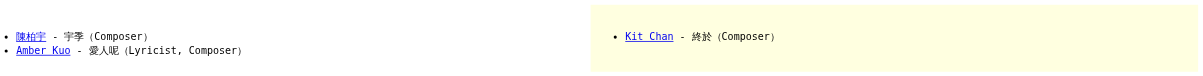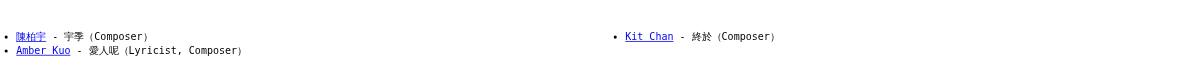 <table border="0" cellpadding="5" width="100%">
 <tr ---- valign="top">
 <td width="50%"></td>
 <td width="50%"></td>
 </tr>
 <tr ---->
 <td valign="top"><br><ul><li><a href='#'>陳柏宇</a> - 宇季（Composer）</li><li><a href='#'>Amber Kuo</a> - 愛人呢（Lyricist, Composer）</li></ul></td>
-<td valign="top" style="background: lightyellow;"><br><ul><li><a href='#'>Kit Chan</a> - 終於（Composer）</li></ul></td>
+<td valign="top"><br><ul><li><a href='#'>Kit Chan</a> - 終於（Composer）</li></ul></td>
 </tr>
 </table>
